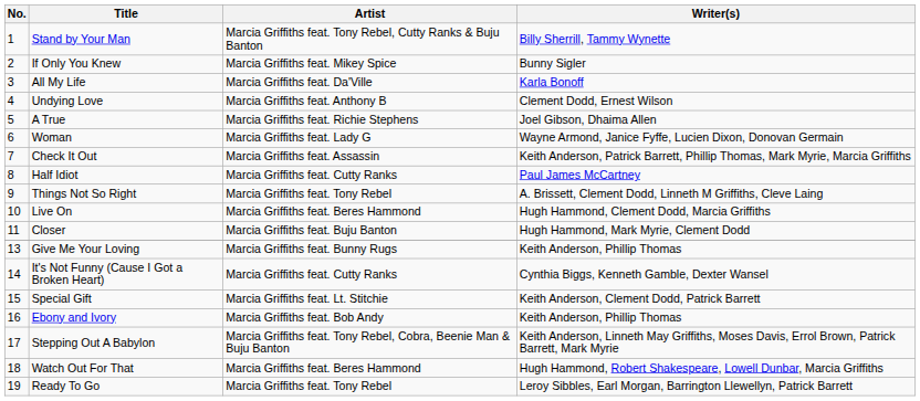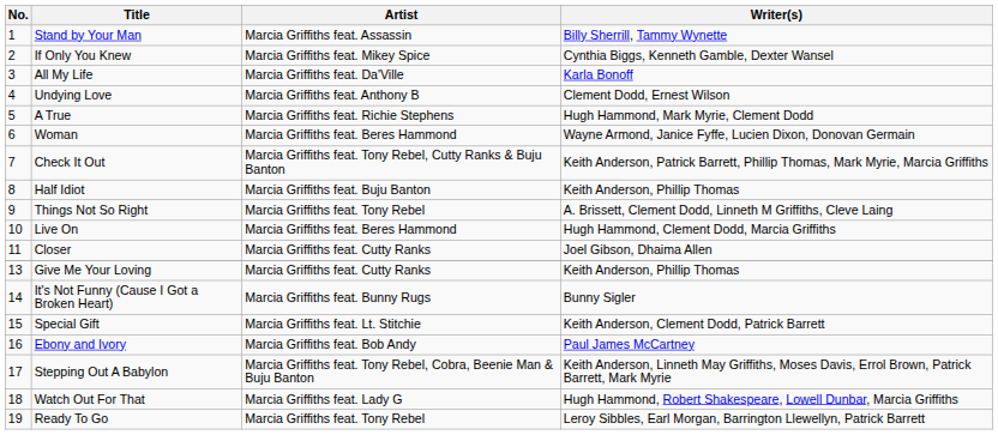 <table class="wikitable">
 <tr>
 <th>No.</th>
 <th>Title</th>
 <th>Artist</th>
 <th>Writer(s)</th>
 </tr>
 <tr>
 <td>1</td>
 <td><a href='#'>Stand by Your Man</a></td>
-<td>Marcia Griffiths feat. Tony Rebel, Cutty Ranks & Buju Banton</td>
+<td>Marcia Griffiths feat. Assassin</td>
 <td><a href='#'>Billy Sherrill</a>, <a href='#'>Tammy Wynette</a></td>
 </tr>
 <tr>
 <td>2</td>
 <td>If Only You Knew</td>
 <td>Marcia Griffiths feat. Mikey Spice</td>
-<td>Bunny Sigler</td>
+<td>Cynthia Biggs, Kenneth Gamble, Dexter Wansel</td>
 </tr>
 <tr>
 <td>3</td>
 <td>All My Life</td>
 <td>Marcia Griffiths feat. Da'Ville</td>
 <td><a href='#'>Karla Bonoff</a></td>
 </tr>
 <tr>
 <td>4</td>
 <td>Undying Love</td>
 <td>Marcia Griffiths feat. Anthony B</td>
 <td>Clement Dodd, Ernest Wilson</td>
 </tr>
 <tr>
 <td>5</td>
 <td>A True</td>
 <td>Marcia Griffiths feat. Richie Stephens</td>
-<td>Joel Gibson, Dhaima Allen</td>
+<td>Hugh Hammond, Mark Myrie, Clement Dodd</td>
 </tr>
 <tr>
 <td>6</td>
 <td>Woman</td>
-<td>Marcia Griffiths feat. Lady G</td>
+<td>Marcia Griffiths feat. Beres Hammond</td>
 <td>Wayne Armond, Janice Fyffe, Lucien Dixon, Donovan Germain</td>
 </tr>
 <tr>
 <td>7</td>
 <td>Check It Out</td>
-<td>Marcia Griffiths feat. Assassin</td>
+<td>Marcia Griffiths feat. Tony Rebel, Cutty Ranks & Buju Banton</td>
 <td>Keith Anderson, Patrick Barrett, Phillip Thomas, Mark Myrie, Marcia Griffiths</td>
 </tr>
 <tr>
 <td>8</td>
 <td>Half Idiot</td>
-<td>Marcia Griffiths feat. Cutty Ranks</td>
-<td><a href='#'>Paul James McCartney</a></td>
+<td>Marcia Griffiths feat. Buju Banton</td>
+<td>Keith Anderson, Phillip Thomas</td>
 </tr>
 <tr>
 <td>9</td>
 <td>Things Not So Right</td>
 <td>Marcia Griffiths feat. Tony Rebel</td>
 <td>A. Brissett, Clement Dodd, Linneth M Griffiths, Cleve Laing</td>
 </tr>
 <tr>
 <td>10</td>
 <td>Live On</td>
 <td>Marcia Griffiths feat. Beres Hammond</td>
 <td>Hugh Hammond, Clement Dodd, Marcia Griffiths</td>
 </tr>
 <tr>
 <td>11</td>
 <td>Closer</td>
-<td>Marcia Griffiths feat. Buju Banton</td>
-<td>Hugh Hammond, Mark Myrie, Clement Dodd</td>
+<td>Marcia Griffiths feat. Cutty Ranks</td>
+<td>Joel Gibson, Dhaima Allen</td>
 </tr>
 <tr | 12 || Really Together || Marcia Griffiths feat. Bunny Rugs || Keith Anderson>
 </tr>
 <tr>
 <td>13</td>
 <td>Give Me Your Loving</td>
-<td>Marcia Griffiths feat. Bunny Rugs</td>
+<td>Marcia Griffiths feat. Cutty Ranks</td>
 <td>Keith Anderson, Phillip Thomas</td>
 </tr>
 <tr>
 <td>14</td>
 <td>It's Not Funny (Cause I Got a Broken Heart)</td>
-<td>Marcia Griffiths feat. Cutty Ranks</td>
-<td>Cynthia Biggs, Kenneth Gamble, Dexter Wansel</td>
+<td>Marcia Griffiths feat. Bunny Rugs</td>
+<td>Bunny Sigler</td>
 </tr>
 <tr>
 <td>15</td>
 <td>Special Gift</td>
 <td>Marcia Griffiths feat. Lt. Stitchie</td>
 <td>Keith Anderson, Clement Dodd, Patrick Barrett</td>
 </tr>
 <tr>
 <td>16</td>
 <td><a href='#'>Ebony and Ivory</a></td>
 <td>Marcia Griffiths feat. Bob Andy</td>
-<td>Keith Anderson, Phillip Thomas</td>
+<td><a href='#'>Paul James McCartney</a></td>
 </tr>
 <tr>
 <td>17</td>
 <td>Stepping Out A Babylon</td>
 <td>Marcia Griffiths feat. Tony Rebel, Cobra, Beenie Man & Buju  Banton</td>
 <td>Keith Anderson, Linneth May Griffiths, Moses Davis, Errol Brown, Patrick Barrett, Mark Myrie</td>
 </tr>
 <tr>
 <td>18</td>
 <td>Watch Out For That</td>
-<td>Marcia Griffiths feat. Beres Hammond</td>
+<td>Marcia Griffiths feat. Lady G</td>
 <td>Hugh Hammond, <a href='#'>Robert Shakespeare</a>, <a href='#'>Lowell Dunbar</a>, Marcia Griffiths</td>
 </tr>
 <tr>
 <td>19</td>
 <td>Ready To Go</td>
 <td>Marcia Griffiths feat. Tony Rebel</td>
 <td>Leroy Sibbles, Earl Morgan, Barrington Llewellyn, Patrick Barrett</td>
 </tr>
 </table>
